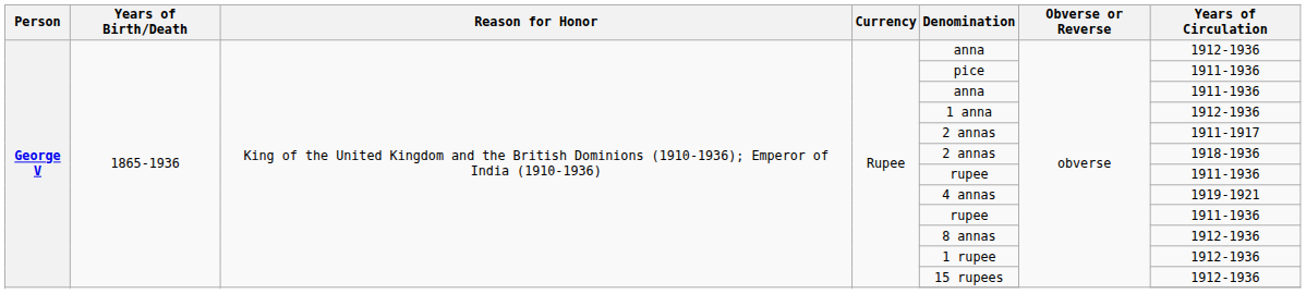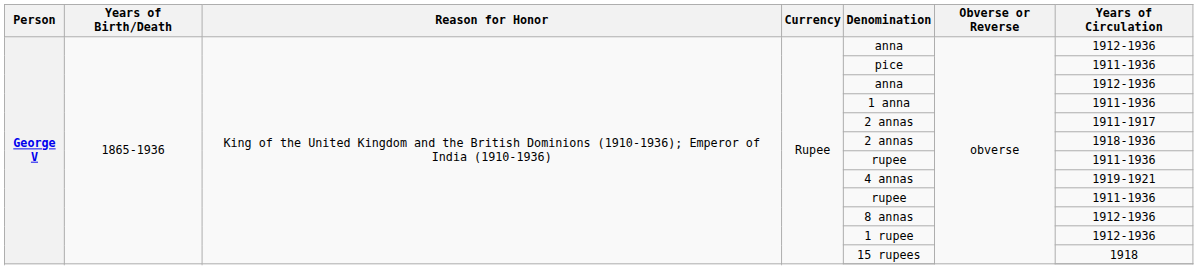 <table class="wikitable" style="font-size:95%; text-align:center;">
 <tr>
 <th>Person</th>
 <th>Years of Birth/Death</th>
 <th>Reason for Honor</th>
 <th>Currency</th>
 <th>Denomination</th>
 <th>Obverse or Reverse</th>
 <th>Years of Circulation</th>
 </tr>
 <tr>
 <th rowspan="16"><a href='#'>George V</a></th>
 <td rowspan="16">1865-1936</td>
 <td rowspan="16">King of the United Kingdom and the British Dominions (1910-1936); Emperor of India (1910-1936)</td>
 <td rowspan="16">Rupee</td>
 <td> anna</td>
 <td rowspan="16">obverse</td>
 <td>1912-1936</td>
 </tr>
 <tr>
 <td> pice</td>
 <td>1911-1936</td>
 </tr>
 <tr>
 <td> anna</td>
-<td>1911-1936</td>
+<td>1912-1936</td>
 </tr>
 <tr>
 <td>1 anna</td>
-<td>1912-1936</td>
+<td>1911-1936</td>
 </tr>
 <tr>
 <td>2 annas</td>
 <td>1911-1917</td>
 </tr>
 <tr>
 <td>2 annas</td>
 <td>1918-1936</td>
 </tr>
 <tr>
 <td> rupee</td>
 <td>1911-1936</td>
 </tr>
 <tr>
 <td>4 annas</td>
 <td>1919-1921</td>
 </tr>
 <tr>
 <td> rupee</td>
 <td>1911-1936</td>
 </tr>
 <tr>
 <td>8 annas</td>
 <td>1912-1936</td>
 </tr>
 <tr>
 <td>1 rupee</td>
 <td>1912-1936</td>
 </tr>
 <tr>
 <td>15 rupees</td>
-<td>1912-1936</td>
+<td>1918</td>
 </tr>
 <tr>
 </tr>
 </table>
